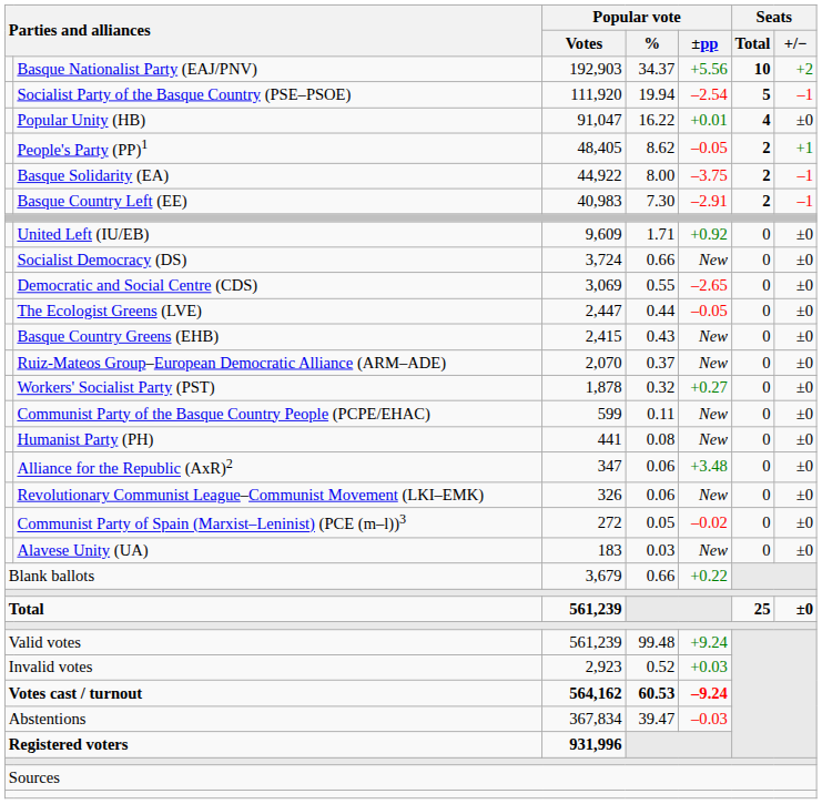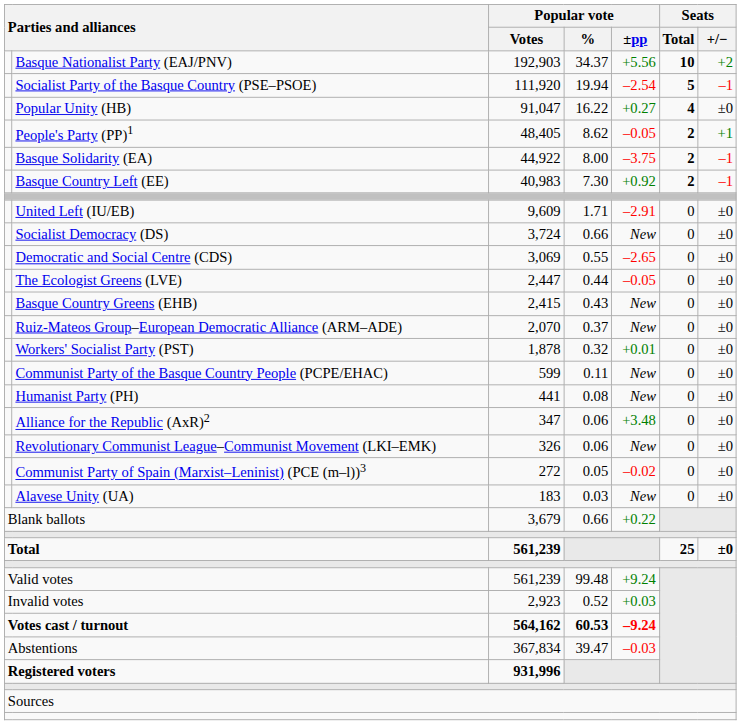 <table class="wikitable" style="text-align:right;">
 <tr>
 <th style="text-align:left;" rowspan="2" colspan="2" width="525">Parties and alliances</th>
 <th colspan="3">Popular vote</th>
 <th colspan="2">Seats</th>
 </tr>
 <tr>
 <th width="75">Votes</th>
 <th width="45">%</th>
 <th width="45">±<a href='#'>pp</a></th>
 <th width="35">Total</th>
 <th width="35">+/−</th>
 </tr>
 <tr>
 <td width="1" style="color:inherit;background:"></td>
 <td align="left"><a href='#'>Basque Nationalist Party</a> (EAJ/PNV)</td>
 <td>192,903</td>
 <td>34.37</td>
 <td style="color:green;">+5.56</td>
 <td><strong>10</strong></td>
 <td style="color:green;">+2</td>
 </tr>
 <tr>
 <td style="color:inherit;background:"></td>
 <td align="left"><a href='#'>Socialist Party of the Basque Country</a> (PSE–PSOE)</td>
 <td>111,920</td>
 <td>19.94</td>
 <td style="color:red;">–2.54</td>
 <td><strong>5</strong></td>
 <td style="color:red;">–1</td>
 </tr>
 <tr>
 <td style="color:inherit;background:"></td>
 <td align="left"><a href='#'>Popular Unity</a> (HB)</td>
 <td>91,047</td>
 <td>16.22</td>
-<td style="color:green;">+0.01</td>
+<td style="color:green;">+0.27</td>
 <td><strong>4</strong></td>
 <td>±0</td>
 </tr>
 <tr>
 <td style="color:inherit;background:"></td>
 <td align="left"><a href='#'>People's Party</a> (PP)<sup>1</sup></td>
 <td>48,405</td>
 <td>8.62</td>
 <td style="color:red;">–0.05</td>
 <td><strong>2</strong></td>
 <td style="color:green;">+1</td>
 </tr>
 <tr>
 <td style="color:inherit;background:"></td>
 <td align="left"><a href='#'>Basque Solidarity</a> (EA)</td>
 <td>44,922</td>
 <td>8.00</td>
 <td style="color:red;">–3.75</td>
 <td><strong>2</strong></td>
 <td style="color:red;">–1</td>
 </tr>
 <tr>
 <td style="color:inherit;background:"></td>
 <td align="left"><a href='#'>Basque Country Left</a> (EE)</td>
 <td>40,983</td>
 <td>7.30</td>
-<td style="color:red;">–2.91</td>
+<td style="color:green;">+0.92</td>
 <td><strong>2</strong></td>
 <td style="color:red;">–1</td>
 </tr>
 <tr>
 <td colspan="7" bgcolor="#C0C0C0"></td>
 </tr>
 <tr>
 <td style="color:inherit;background:"></td>
 <td align="left"><a href='#'>United Left</a> (IU/EB)</td>
 <td>9,609</td>
 <td>1.71</td>
-<td style="color:green;">+0.92</td>
+<td style="color:red;">–2.91</td>
 <td>0</td>
 <td>±0</td>
 </tr>
 <tr>
 <td style="color:inherit;background:"></td>
 <td align="left"><a href='#'>Socialist Democracy</a> (DS)</td>
 <td>3,724</td>
 <td>0.66</td>
 <td><em>New</em></td>
 <td>0</td>
 <td>±0</td>
 </tr>
 <tr>
 <td style="color:inherit;background:"></td>
 <td align="left"><a href='#'>Democratic and Social Centre</a> (CDS)</td>
 <td>3,069</td>
 <td>0.55</td>
 <td style="color:red;">–2.65</td>
 <td>0</td>
 <td>±0</td>
 </tr>
 <tr>
 <td style="color:inherit;background:"></td>
 <td align="left"><a href='#'>The Ecologist Greens</a> (LVE)</td>
 <td>2,447</td>
 <td>0.44</td>
 <td style="color:red;">–0.05</td>
 <td>0</td>
 <td>±0</td>
 </tr>
 <tr>
 <td style="color:inherit;background:"></td>
 <td align="left"><a href='#'>Basque Country Greens</a> (EHB)</td>
 <td>2,415</td>
 <td>0.43</td>
 <td><em>New</em></td>
 <td>0</td>
 <td>±0</td>
 </tr>
 <tr>
 <td style="color:inherit;background:"></td>
 <td align="left"><a href='#'>Ruiz-Mateos Group</a>–<a href='#'>European Democratic Alliance</a> (ARM–ADE)</td>
 <td>2,070</td>
 <td>0.37</td>
 <td><em>New</em></td>
 <td>0</td>
 <td>±0</td>
 </tr>
 <tr>
 <td style="color:inherit;background:"></td>
 <td align="left"><a href='#'>Workers' Socialist Party</a> (PST)</td>
 <td>1,878</td>
 <td>0.32</td>
-<td style="color:green;">+0.27</td>
+<td style="color:green;">+0.01</td>
 <td>0</td>
 <td>±0</td>
 </tr>
 <tr>
 <td style="color:inherit;background:"></td>
 <td align="left"><a href='#'>Communist Party of the Basque Country People</a> (PCPE/EHAC)</td>
 <td>599</td>
 <td>0.11</td>
 <td><em>New</em></td>
 <td>0</td>
 <td>±0</td>
 </tr>
 <tr>
 <td style="color:inherit;background:"></td>
 <td align="left"><a href='#'>Humanist Party</a> (PH)</td>
 <td>441</td>
 <td>0.08</td>
 <td><em>New</em></td>
 <td>0</td>
 <td>±0</td>
 </tr>
 <tr>
 <td style="color:inherit;background:"></td>
 <td align="left"><a href='#'>Alliance for the Republic</a> (AxR)<sup>2</sup></td>
 <td>347</td>
 <td>0.06</td>
 <td style="color:green;">+3.48</td>
 <td>0</td>
 <td>±0</td>
 </tr>
 <tr>
 <td style="color:inherit;background:"></td>
 <td align="left"><a href='#'>Revolutionary Communist League</a>–<a href='#'>Communist Movement</a> (LKI–EMK)</td>
 <td>326</td>
 <td>0.06</td>
 <td><em>New</em></td>
 <td>0</td>
 <td>±0</td>
 </tr>
 <tr>
 <td style="color:inherit;background:"></td>
 <td align="left"><a href='#'>Communist Party of Spain (Marxist–Leninist)</a> (PCE (m–l))<sup>3</sup></td>
 <td>272</td>
 <td>0.05</td>
 <td style="color:red;">–0.02</td>
 <td>0</td>
 <td>±0</td>
 </tr>
 <tr>
 <td style="color:inherit;background:"></td>
 <td align="left"><a href='#'>Alavese Unity</a> (UA)</td>
 <td>183</td>
 <td>0.03</td>
 <td><em>New</em></td>
 <td>0</td>
 <td>±0</td>
 </tr>
 <tr>
 <td align="left" colspan="2">Blank ballots</td>
 <td>3,679</td>
 <td>0.66</td>
 <td style="color:green;">+0.22</td>
 <td bgcolor="#E9E9E9" colspan="2"></td>
 </tr>
 <tr>
 <td colspan="7" bgcolor="#E9E9E9"></td>
 </tr>
 <tr style="font-weight:bold;">
 <td align="left" colspan="2">Total</td>
 <td>561,239</td>
 <td bgcolor="#E9E9E9" colspan="2"></td>
 <td>25</td>
 <td>±0</td>
 </tr>
 <tr>
 <td colspan="7" bgcolor="#E9E9E9"></td>
 </tr>
 <tr>
 <td align="left" colspan="2">Valid votes</td>
 <td>561,239</td>
 <td>99.48</td>
 <td style="color:green;">+9.24</td>
 <td bgcolor="#E9E9E9" colspan="2" rowspan="5"></td>
 </tr>
 <tr>
 <td align="left" colspan="2">Invalid votes</td>
 <td>2,923</td>
 <td>0.52</td>
 <td style="color:green;">+0.03</td>
 </tr>
 <tr style="font-weight:bold;">
 <td align="left" colspan="2">Votes cast / turnout</td>
 <td>564,162</td>
 <td>60.53</td>
 <td style="color:red;">–9.24</td>
 </tr>
 <tr>
 <td align="left" colspan="2">Abstentions</td>
 <td>367,834</td>
 <td>39.47</td>
 <td style="color:red;">–0.03</td>
 </tr>
 <tr style="font-weight:bold;">
 <td align="left" colspan="2">Registered voters</td>
 <td>931,996</td>
 <td bgcolor="#E9E9E9" colspan="2"></td>
 </tr>
 <tr>
 <td colspan="7" bgcolor="#E9E9E9"></td>
 </tr>
 <tr>
 <td align="left" colspan="7">Sources</td>
 </tr>
 <tr>
 <td colspan="7" style="text-align:left; max-width:790px;"></td>
 </tr>
 </table>
